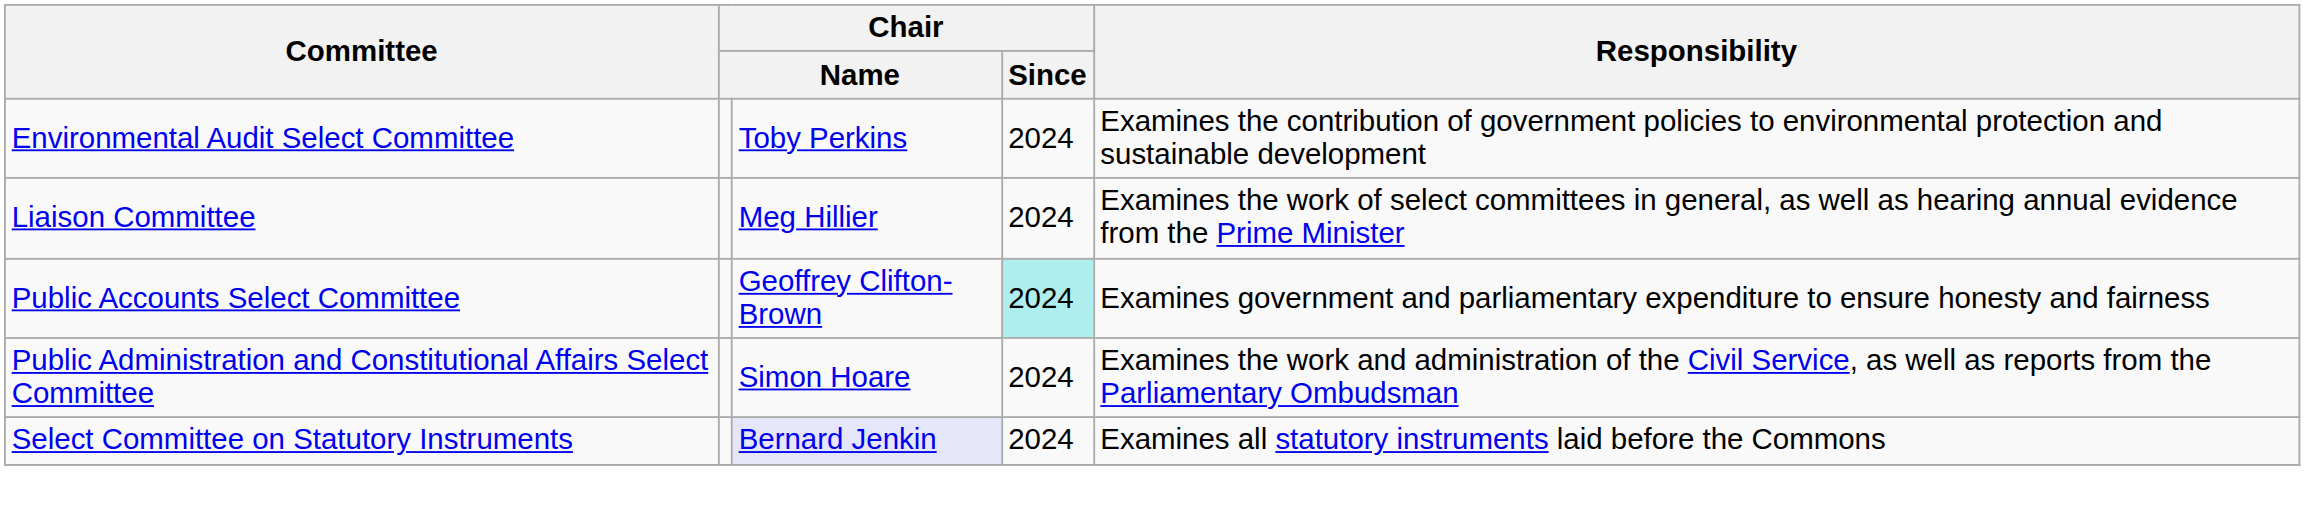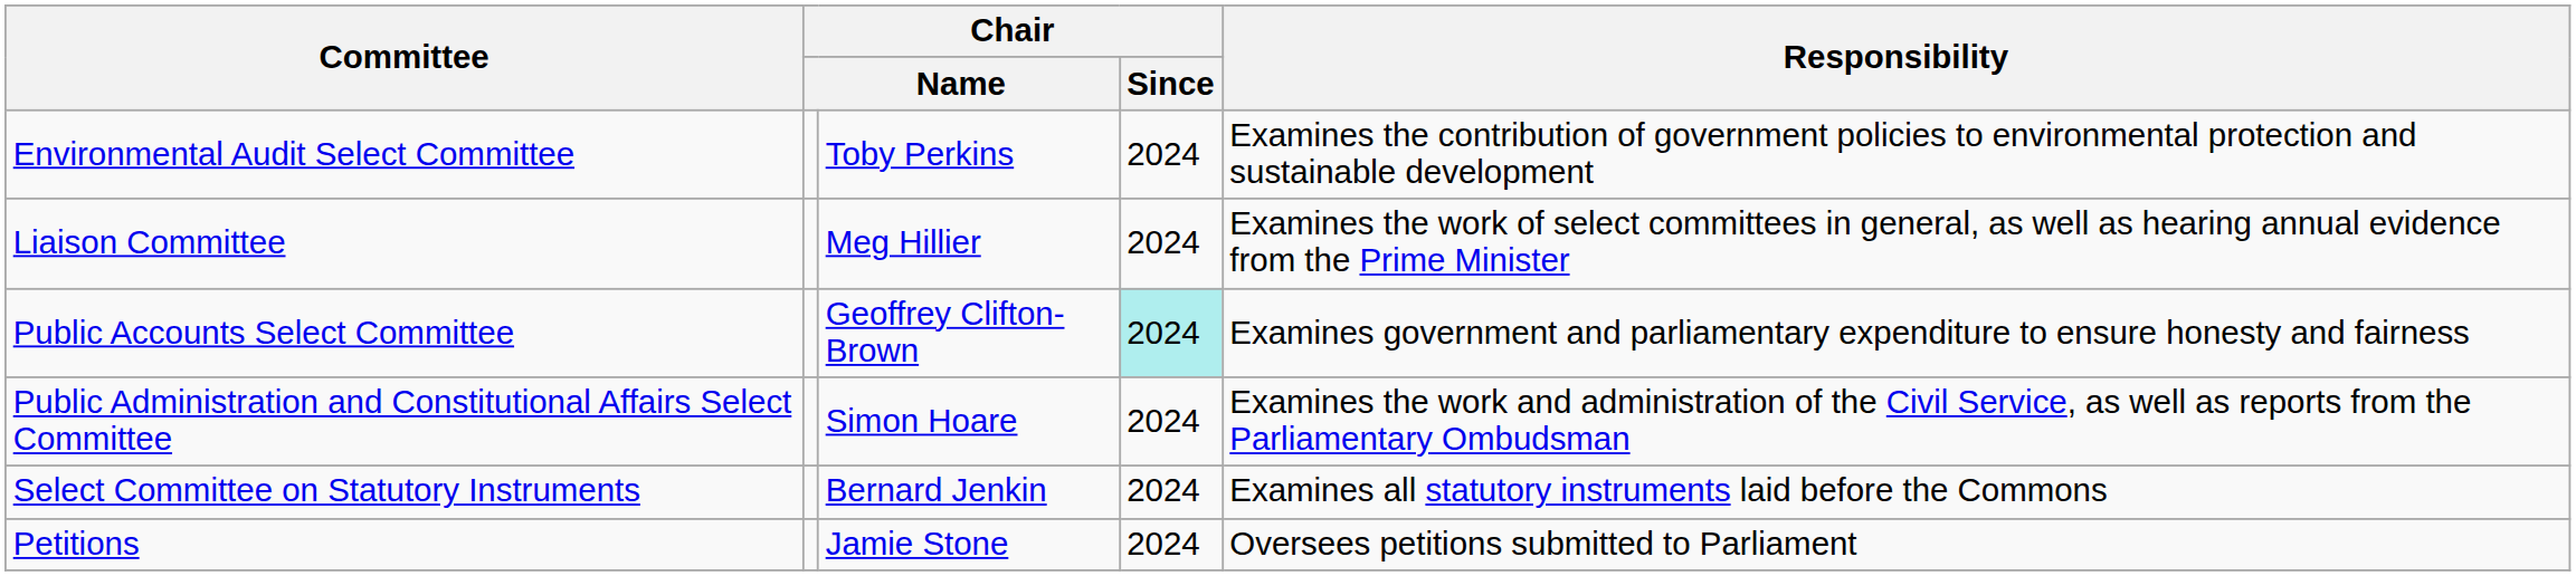 <table class="wikitable">
 <tr>
 <th rowspan="2">Committee</th>
 <th colspan="3">Chair</th>
 <th rowspan="2">Responsibility</th>
 </tr>
 <tr>
 <th colspan="2">Name</th>
 <th>Since</th>
 </tr>
 <tr>
 <td><a href='#'>Environmental Audit Select Committee</a></td>
 <td style="background-color: "></td>
 <td><a href='#'>Toby Perkins</a></td>
 <td>2024</td>
 <td>Examines the contribution of government policies to environmental protection and sustainable development</td>
 </tr>
 <tr>
 <td><a href='#'>Liaison Committee</a></td>
 <td style="background-color: "></td>
 <td><a href='#'>Meg Hillier</a></td>
 <td>2024</td>
 <td>Examines the work of select committees in general, as well as hearing annual evidence from the <a href='#'>Prime Minister</a></td>
 </tr>
 <tr>
 <td><a href='#'>Public Accounts Select Committee</a></td>
 <td style="background-color: "></td>
 <td><a href='#'>Geoffrey Clifton-Brown</a></td>
 <td style="background: paleturquoise;">2024</td>
 <td>Examines government and parliamentary expenditure to ensure honesty and fairness</td>
 </tr>
 <tr>
 <td><a href='#'>Public Administration and Constitutional Affairs Select Committee</a></td>
 <td style="background-color: "></td>
 <td><a href='#'>Simon Hoare</a></td>
 <td>2024</td>
 <td>Examines the work and administration of the <a href='#'>Civil Service</a>, as well as reports from the <a href='#'>Parliamentary Ombudsman</a></td>
 </tr>
 <tr>
 <td><a href='#'>Select Committee on Statutory Instruments</a></td>
 <td style="color:inherit;background:"></td>
-<td style="background: lavender;"><a href='#'>Bernard Jenkin</a></td>
+<td><a href='#'>Bernard Jenkin</a></td>
 <td>2024</td>
 <td>Examines all <a href='#'>statutory instruments</a> laid before the Commons</td>
 </tr>
+<tr>
+<td><a href='#'>Petitions</a></td>
+<td style="background-color: "></td>
+<td><a href='#'>Jamie Stone</a></td>
+<td>2024</td>
+<td>Oversees petitions submitted to Parliament</td>
+</tr>
 </table>
